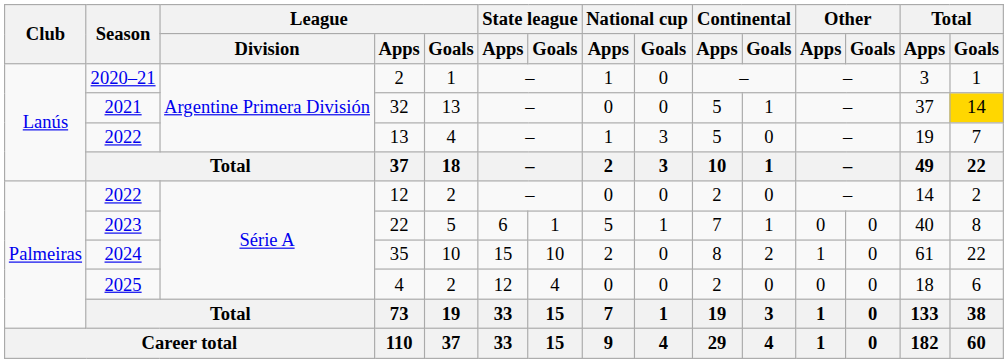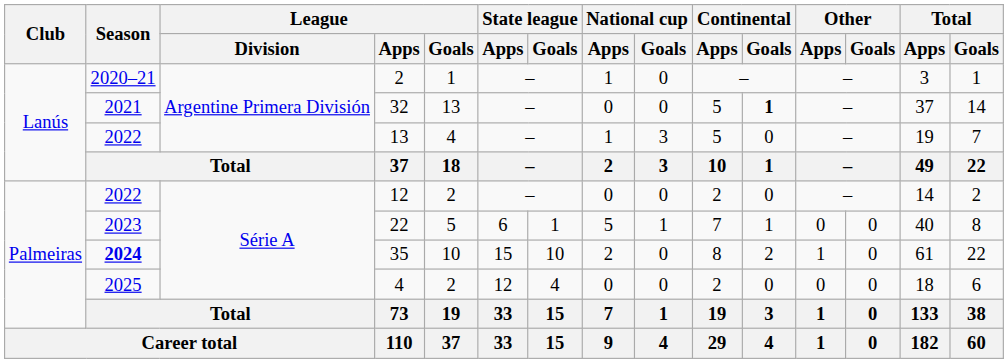 <table class="wikitable" style="text-align:center">
 <tr>
 <th rowspan="2">Club</th>
 <th rowspan="2">Season</th>
 <th colspan="3">League</th>
 <th colspan="2">State league</th>
 <th colspan="2">National cup</th>
 <th colspan="2">Continental</th>
 <th colspan="2">Other</th>
 <th colspan="2">Total</th>
 </tr>
 <tr>
 <th>Division</th>
 <th>Apps</th>
 <th>Goals</th>
 <th>Apps</th>
 <th>Goals</th>
 <th>Apps</th>
 <th>Goals</th>
 <th>Apps</th>
 <th>Goals</th>
 <th>Apps</th>
 <th>Goals</th>
 <th>Apps</th>
 <th>Goals</th>
 </tr>
 <tr>
 <td rowspan="4"><a href='#'>Lanús</a></td>
 <td><a href='#'>2020–21</a></td>
 <td rowspan="3"><a href='#'>Argentine Primera División</a></td>
 <td>2</td>
 <td>1</td>
 <td colspan="2">–</td>
 <td>1</td>
 <td>0</td>
 <td colspan="2">–</td>
 <td colspan="2">–</td>
 <td>3</td>
 <td>1</td>
 </tr>
 <tr>
 <td><a href='#'>2021</a></td>
 <td>32</td>
 <td>13</td>
 <td colspan="2">–</td>
 <td>0</td>
 <td>0</td>
 <td>5</td>
-<td>1</td>
+<td><strong>1</strong></td>
 <td colspan="2">–</td>
 <td>37</td>
-<td style="background: gold;">14</td>
+<td>14</td>
 </tr>
 <tr>
 <td><a href='#'>2022</a></td>
 <td>13</td>
 <td>4</td>
 <td colspan="2">–</td>
 <td>1</td>
 <td>3</td>
 <td>5</td>
 <td>0</td>
 <td colspan="2">–</td>
 <td>19</td>
 <td>7</td>
 </tr>
 <tr>
 <th colspan="2">Total</th>
 <th>37</th>
 <th>18</th>
 <th colspan="2">–</th>
 <th>2</th>
 <th>3</th>
 <th>10</th>
 <th>1</th>
 <th colspan="2">–</th>
 <th>49</th>
 <th>22</th>
 </tr>
 <tr>
 <td rowspan="5"><a href='#'>Palmeiras</a></td>
 <td><a href='#'>2022</a></td>
 <td rowspan="4"><a href='#'>Série A</a></td>
 <td>12</td>
 <td>2</td>
 <td colspan="2">–</td>
 <td>0</td>
 <td>0</td>
 <td>2</td>
 <td>0</td>
 <td colspan="2">–</td>
 <td>14</td>
 <td>2</td>
 </tr>
 <tr>
 <td><a href='#'>2023</a></td>
 <td>22</td>
 <td>5</td>
 <td>6</td>
 <td>1</td>
 <td>5</td>
 <td>1</td>
 <td>7</td>
 <td>1</td>
 <td>0</td>
 <td>0</td>
 <td>40</td>
 <td>8</td>
 </tr>
 <tr>
-<td><a href='#'>2024</a></td>
+<td><strong><a href='#'>2024</a></strong></td>
 <td>35</td>
 <td>10</td>
 <td>15</td>
 <td>10</td>
 <td>2</td>
 <td>0</td>
 <td>8</td>
 <td>2</td>
 <td>1</td>
 <td>0</td>
 <td>61</td>
 <td>22</td>
 </tr>
 <tr>
 <td><a href='#'>2025</a></td>
 <td>4</td>
 <td>2</td>
 <td>12</td>
 <td>4</td>
 <td>0</td>
 <td>0</td>
 <td>2</td>
 <td>0</td>
 <td>0</td>
 <td>0</td>
 <td>18</td>
 <td>6</td>
 </tr>
 <tr>
 <th colspan="2">Total</th>
 <th>73</th>
 <th>19</th>
 <th>33</th>
 <th>15</th>
 <th>7</th>
 <th>1</th>
 <th>19</th>
 <th>3</th>
 <th>1</th>
 <th>0</th>
 <th>133</th>
 <th>38</th>
 </tr>
 <tr>
 <th colspan="3">Career total</th>
 <th>110</th>
 <th>37</th>
 <th>33</th>
 <th>15</th>
 <th>9</th>
 <th>4</th>
 <th>29</th>
 <th>4</th>
 <th>1</th>
 <th>0</th>
 <th>182</th>
 <th>60</th>
 </tr>
 </table>
